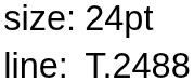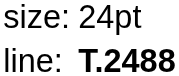 <table style="margin-left:40px;">
 <tr>
 <td>size:</td>
 <td>24pt</td>
 </tr>
 <tr>
 <td>line:</td>
-<td>T.2488</td>
+<td><strong>T.2488</strong></td>
 </tr>
 </table>
